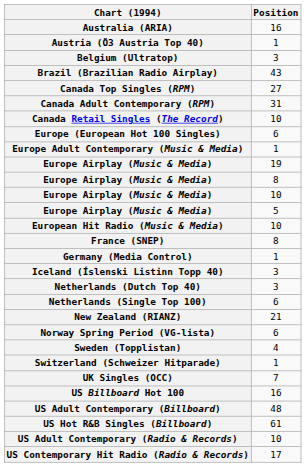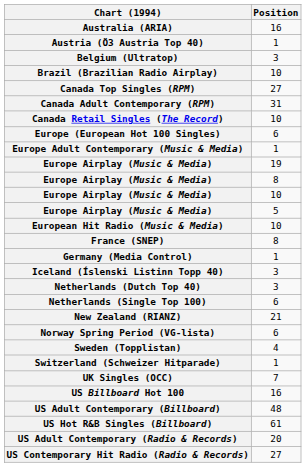 <table class="wikitable sortable plainrowheaders">
 <tr>
 <th scope="col">Chart (1994)</th>
 <th scope="col">Position</th>
 </tr>
 <tr>
 <th scope="row">Australia (ARIA)</th>
 <td align="center">16</td>
 </tr>
 <tr>
 <th scope="row">Austria (Ö3 Austria Top 40)</th>
 <td align="center">1</td>
 </tr>
 <tr>
 <th scope="row">Belgium (Ultratop)</th>
 <td align="center">3</td>
 </tr>
 <tr>
 <th scope="row">Brazil (Brazilian Radio Airplay)</th>
-<td align="center">43</td>
+<td align="center">10</td>
 </tr>
 <tr>
 <th scope="row">Canada Top Singles (<em>RPM</em>)</th>
 <td align="center">27</td>
 </tr>
 <tr>
 <th scope="row">Canada Adult Contemporary (<em>RPM</em>)</th>
 <td align="center">31</td>
 </tr>
 <tr>
 <th scope="row">Canada <a href='#'>Retail Singles</a> (<em><a href='#'>The Record</a></em>)</th>
 <td align="center">10</td>
 </tr>
 <tr>
 <th scope="row">Europe (European Hot 100 Singles)</th>
 <td align="center">6</td>
 </tr>
 <tr>
 <th scope="row">Europe Adult Contemporary (<em>Music & Media</em>)</th>
 <td align="center">1</td>
 </tr>
 <tr>
 <th scope="row">Europe  Airplay (<em>Music & Media</em>)</th>
 <td align="center">19</td>
 </tr>
 <tr>
 <th scope="row">Europe  Airplay (<em>Music & Media</em>)</th>
 <td align="center">8</td>
 </tr>
 <tr>
 <th scope="row">Europe  Airplay (<em>Music & Media</em>)</th>
 <td align="center">10</td>
 </tr>
 <tr>
 <th scope="row">Europe  Airplay (<em>Music & Media</em>)</th>
 <td align="center">5</td>
 </tr>
 <tr>
 <th scope="row">European Hit Radio (<em>Music & Media</em>)</th>
 <td align="center">10</td>
 </tr>
 <tr>
 <th scope="row">France (SNEP)</th>
 <td align="center">8</td>
 </tr>
 <tr>
 <th scope="row">Germany (Media Control)</th>
 <td align="center">1</td>
 </tr>
 <tr>
 <th scope="row">Iceland (Íslenski Listinn Topp 40)</th>
 <td align="center">3</td>
 </tr>
 <tr>
 <th scope="row">Netherlands (Dutch Top 40)</th>
 <td align="center">3</td>
 </tr>
 <tr>
 <th scope="row">Netherlands (Single Top 100)</th>
 <td align="center">6</td>
 </tr>
 <tr>
 <th scope="row">New Zealand (RIANZ)</th>
 <td align="center">21</td>
 </tr>
 <tr>
 <th scope="row">Norway Spring Period (VG-lista)</th>
 <td align="center">6</td>
 </tr>
 <tr>
 <th scope="row">Sweden (Topplistan)</th>
 <td align="center">4</td>
 </tr>
 <tr>
 <th scope="row">Switzerland (Schweizer Hitparade)</th>
 <td align="center">1</td>
 </tr>
 <tr>
 <th scope="row">UK Singles (OCC)</th>
 <td align="center">7</td>
 </tr>
 <tr>
 <th scope="row">US <em>Billboard</em> Hot 100<br></th>
 <td align="center">16</td>
 </tr>
 <tr>
 <th scope="row">US Adult Contemporary (<em>Billboard</em>)</th>
 <td align="center">48</td>
 </tr>
 <tr>
 <th scope="row">US Hot R&B Singles (<em>Billboard</em>)<br></th>
 <td align="center">61</td>
 </tr>
 <tr>
 <th scope="row">US Adult Contemporary (<em>Radio & Records</em>)</th>
-<td align="center">10</td>
+<td align="center">20</td>
 </tr>
 <tr>
 <th scope="row">US Contemporary Hit Radio (<em>Radio & Records</em>)</th>
-<td align="center">17</td>
+<td align="center">27</td>
 </tr>
 </table>
